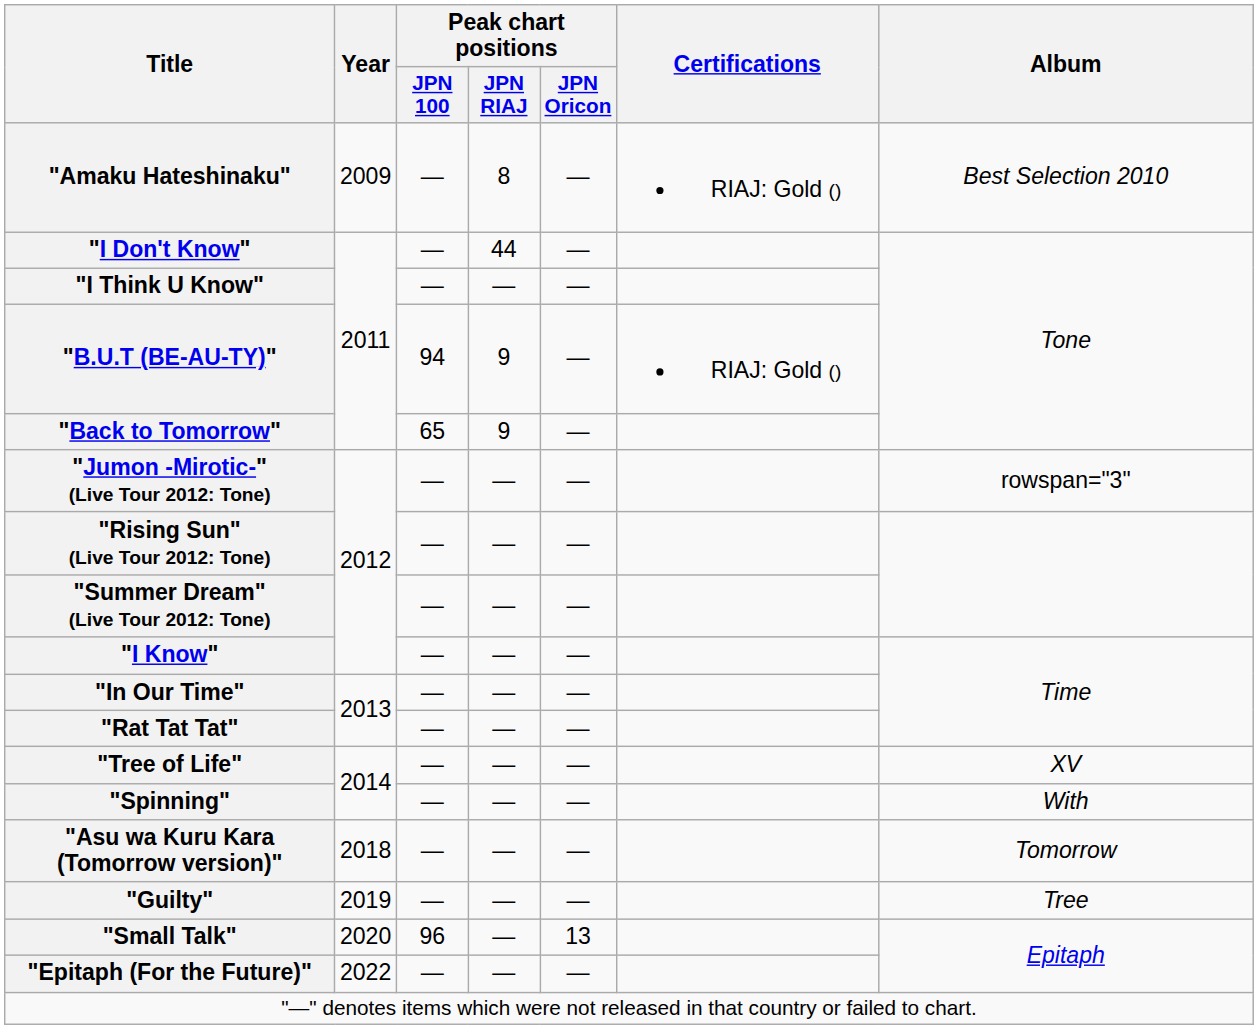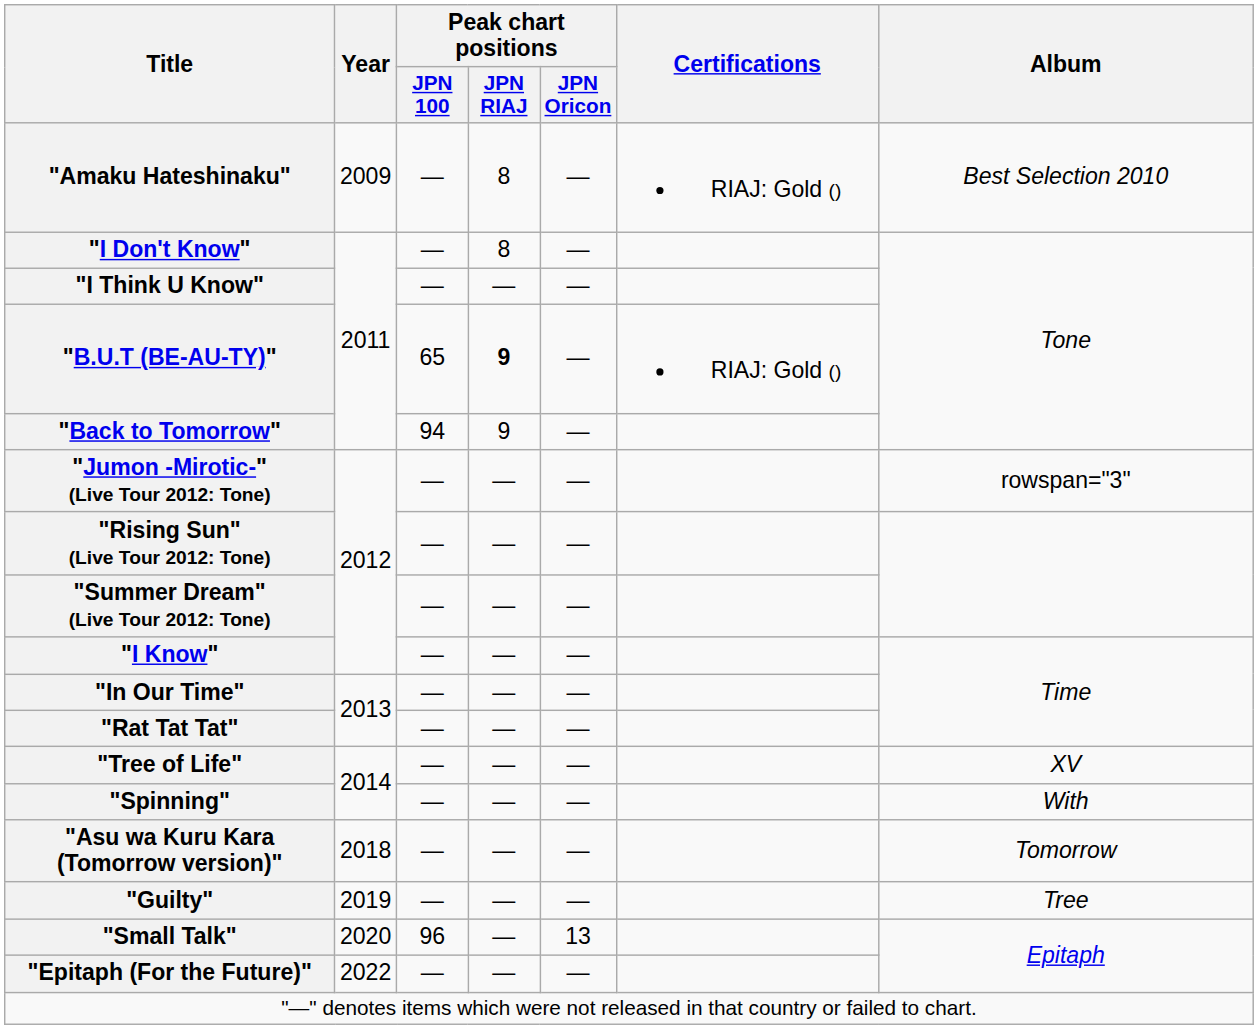 <table class="wikitable plainrowheaders" style="text-align:center">
 <tr>
 <th scope="col" rowspan="2" style="width:14em;">Title</th>
 <th scope="col" rowspan="2">Year</th>
 <th scope="col" colspan="3">Peak chart positions</th>
 <th scope="col" rowspan="2" style="width:11em;"><a href='#'>Certifications</a></th>
 <th scope="col" rowspan="2" style="width:16em;">Album</th>
 </tr>
 <tr>
 <th scope="col" style="width:3em;font-size:90%;"><a href='#'>JPN<br>100</a><br></th>
 <th scope="col" style="width:3em;font-size:90%;"><a href='#'>JPN<br>RIAJ</a><br></th>
 <th scope="col" style="width:3em;font-size:90%;"><a href='#'>JPN<br>Oricon</a></th>
 </tr>
 <tr>
 <th scope="row">"Amaku Hateshinaku"</th>
 <td>2009</td>
 <td>—</td>
 <td>8</td>
 <td>—</td>
 <td><br><ul><li>RIAJ: Gold <small>()</small></li></ul></td>
 <td><em>Best Selection 2010</em></td>
 </tr>
 <tr>
 <th scope="row">"<a href='#'>I Don't Know</a>"</th>
 <td rowspan="4">2011</td>
 <td>—</td>
-<td>44</td>
+<td>8</td>
 <td>—</td>
 <td></td>
 <td rowspan="4"><em>Tone</em></td>
 </tr>
 <tr>
 <th scope="row">"I Think U Know"</th>
 <td>—</td>
 <td>—</td>
 <td>—</td>
 <td></td>
 </tr>
 <tr>
 <th scope="row">"<a href='#'>B.U.T (BE-AU-TY)</a>"</th>
-<td>94</td>
-<td>9</td>
+<td>65</td>
+<td><strong>9</strong></td>
 <td>—</td>
 <td><br><ul><li>RIAJ: Gold <small>()</small></li></ul></td>
 </tr>
 <tr>
 <th scope="row">"<a href='#'>Back to Tomorrow</a>"</th>
-<td>65</td>
+<td>94</td>
 <td>9</td>
 <td>—</td>
 </tr>
 <tr>
 <th scope="row">"<a href='#'>Jumon -Mirotic-</a>"<br><small>(Live Tour 2012: Tone)</small></th>
 <td rowspan="4">2012</td>
 <td>—</td>
 <td>—</td>
 <td>—</td>
 <td></td>
 <td>rowspan="3" </td>
 </tr>
 <tr>
 <th scope="row">"Rising Sun"<br><small>(Live Tour 2012: Tone)</small></th>
 <td>—</td>
 <td>—</td>
 <td>—</td>
 <td></td>
 </tr>
 <tr>
 <th scope="row">"Summer Dream"<br><small>(Live Tour 2012: Tone)</small></th>
 <td>—</td>
 <td>—</td>
 <td>—</td>
 <td></td>
 </tr>
 <tr>
 <th scope="row">"<a href='#'>I Know</a>"</th>
 <td>—</td>
 <td>—</td>
 <td>—</td>
 <td></td>
 <td rowspan="3"><em>Time</em></td>
 </tr>
 <tr>
 <th scope="row">"In Our Time"</th>
 <td rowspan="2">2013</td>
 <td>—</td>
 <td>—</td>
 <td>—</td>
 <td></td>
 </tr>
 <tr>
 <th scope="row">"Rat Tat Tat"</th>
 <td>—</td>
 <td>—</td>
 <td>—</td>
 <td></td>
 </tr>
 <tr>
 <th scope="row">"Tree of Life"</th>
 <td rowspan="2">2014</td>
 <td>—</td>
 <td>—</td>
 <td>—</td>
 <td></td>
 <td><em>XV</em></td>
 </tr>
 <tr>
 <th scope="row">"Spinning"</th>
 <td>—</td>
 <td>—</td>
 <td>—</td>
 <td></td>
 <td><em>With</em></td>
 </tr>
 <tr>
 <th scope="row">"Asu wa Kuru Kara (Tomorrow version)"</th>
 <td>2018</td>
 <td>—</td>
 <td>—</td>
 <td>—</td>
 <td></td>
 <td><em>Tomorrow</em></td>
 </tr>
 <tr>
 <th scope="row">"Guilty"</th>
 <td>2019</td>
 <td>—</td>
 <td>—</td>
 <td>—</td>
 <td></td>
 <td><em>Tree</em></td>
 </tr>
 <tr>
 <th scope="row">"Small Talk"</th>
 <td>2020</td>
 <td>96</td>
 <td>—</td>
 <td>13</td>
 <td></td>
 <td rowspan="2"><em><a href='#'>Epitaph</a></em></td>
 </tr>
 <tr>
 <th scope="row">"Epitaph (For the Future)"</th>
 <td>2022</td>
 <td>—</td>
 <td>—</td>
 <td>—</td>
 </tr>
 <tr>
 <td colspan="14" align="center" style="font-size:90%;">"—" denotes items which were not released in that country or failed to chart.</td>
 </tr>
 </table>
